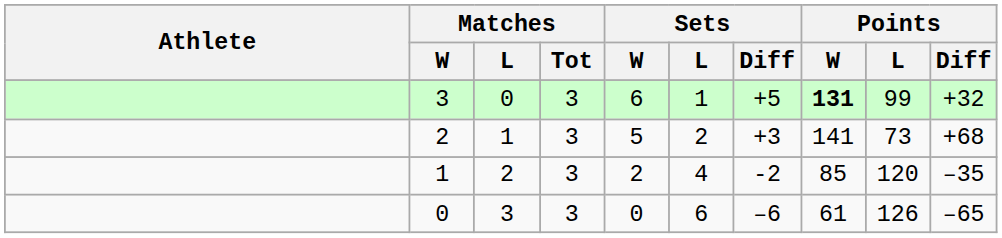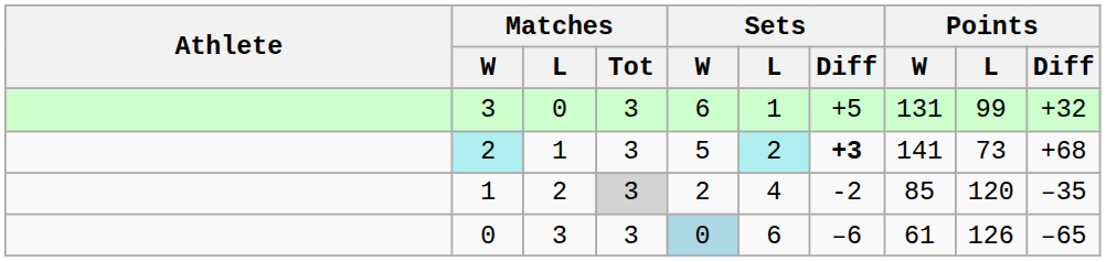 <table class=wikitable style="text-align:center">
 <tr>
 <th rowspan=2 width=220>Athlete</th>
 <th colspan=3 width=90>Matches</th>
 <th colspan=3 width=90>Sets</th>
 <th colspan=3 width=90>Points</th>
 </tr>
 <tr>
 <th width=30>W</th>
 <th width=30>L</th>
 <th width=30>Tot</th>
 <th width=30>W</th>
 <th width=30>L</th>
 <th width=30>Diff</th>
 <th width=30>W</th>
 <th width=30>L</th>
 <th width=30>Diff</th>
 </tr>
 <tr bgcolor=ccffcc>
 <td style="text-align:left"></td>
 <td>3</td>
 <td>0</td>
 <td>3</td>
 <td>6</td>
 <td>1</td>
 <td>+5</td>
-<td><strong>131</strong></td>
+<td>131</td>
 <td>99</td>
 <td>+32</td>
 </tr>
 <tr>
 <td style="text-align:left"></td>
-<td>2</td>
+<td style="background: paleturquoise;">2</td>
 <td>1</td>
 <td>3</td>
 <td>5</td>
-<td>2</td>
-<td>+3</td>
+<td style="background: paleturquoise;">2</td>
+<td><strong>+3</strong></td>
 <td>141</td>
 <td>73</td>
 <td>+68</td>
 </tr>
 <tr>
 <td style="text-align:left"></td>
 <td>1</td>
 <td>2</td>
-<td>3</td>
+<td style="background: lightgrey;">3</td>
 <td>2</td>
 <td>4</td>
 <td>-2</td>
 <td>85</td>
 <td>120</td>
 <td>–35</td>
 </tr>
 <tr>
 <td style="text-align:left"></td>
 <td>0</td>
 <td>3</td>
 <td>3</td>
-<td>0</td>
+<td style="background: lightblue;">0</td>
 <td>6</td>
 <td>–6</td>
 <td>61</td>
 <td>126</td>
 <td>–65</td>
 </tr>
 </table>
